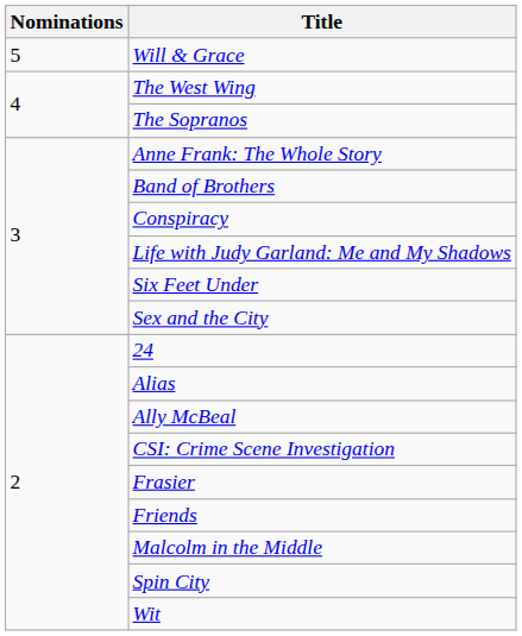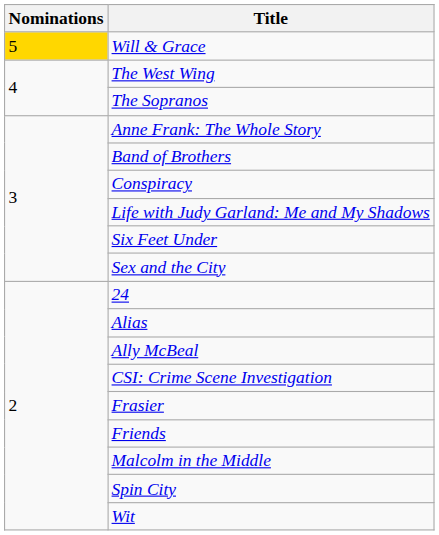 <table class="wikitable">
 <tr>
 <th>Nominations</th>
 <th>Title</th>
 </tr>
 <tr>
-<td>5</td>
+<td style="background: gold;">5</td>
 <td><em><a href='#'>Will & Grace</a></em></td>
 </tr>
 <tr>
 <td rowspan="2">4</td>
 <td><em><a href='#'>The West Wing</a></em></td>
 </tr>
 <tr>
 <td><em><a href='#'>The Sopranos</a></em></td>
 </tr>
 <tr>
 <td rowspan="6">3</td>
 <td><em><a href='#'>Anne Frank: The Whole Story</a></em></td>
 </tr>
 <tr>
 <td><em><a href='#'>Band of Brothers</a></em></td>
 </tr>
 <tr>
 <td><em><a href='#'>Conspiracy</a></em></td>
 </tr>
 <tr>
 <td><em><a href='#'>Life with Judy Garland: Me and My Shadows</a></em></td>
 </tr>
 <tr>
 <td><em><a href='#'>Six Feet Under</a></em></td>
 </tr>
 <tr>
 <td><em><a href='#'>Sex and the City</a></em></td>
 </tr>
 <tr>
 <td rowspan="9">2</td>
 <td><em><a href='#'>24</a></em></td>
 </tr>
 <tr>
 <td><em><a href='#'>Alias</a></em></td>
 </tr>
 <tr>
 <td><em><a href='#'>Ally McBeal</a></em></td>
 </tr>
 <tr>
 <td><em><a href='#'>CSI: Crime Scene Investigation</a></em></td>
 </tr>
 <tr>
 <td><em><a href='#'>Frasier</a></em></td>
 </tr>
 <tr>
 <td><em><a href='#'>Friends</a></em></td>
 </tr>
 <tr>
 <td><em><a href='#'>Malcolm in the Middle</a></em></td>
 </tr>
 <tr>
 <td><em><a href='#'>Spin City</a></em></td>
 </tr>
 <tr>
 <td><em><a href='#'>Wit</a></em></td>
 </tr>
 </table>
